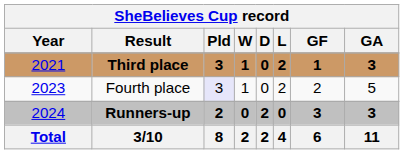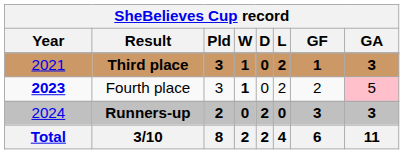 <table class="wikitable"  style="text-align:center; ">
 <tr>
 <th colspan=8> <strong><a href='#'>SheBelieves Cup</a> record</strong></th>
 </tr>
 <tr>
 <th width=85>Year</th>
 <th width=110>Result</th>
 <th>Pld</th>
 <th>W</th>
 <th>D</th>
 <th>L</th>
 <th width=50>GF</th>
 <th width=50>GA</th>
 </tr>
 <tr>
 </tr>
 <tr style="background:#c96;">
 <td><a href='#'>2021</a></td>
 <td><strong>Third place</strong></td>
 <td><strong>3</strong></td>
 <td><strong>1</strong></td>
 <td><strong>0</strong></td>
 <td><strong>2</strong></td>
 <td><strong>1</strong></td>
 <td><strong>3</strong></td>
 </tr>
 <tr>
-<td><a href='#'>2023</a></td>
+<td><strong><a href='#'>2023</a></strong></td>
 <td>Fourth	place</td>
-<td style="background: lavender;">3</td>
-<td>1</td>
+<td>3</td>
+<td><strong>1</strong></td>
 <td>0</td>
 <td>2</td>
 <td>2</td>
-<td>5</td>
+<td style="background: pink;">5</td>
 </tr>
 <tr>
 </tr>
 <tr style="background:silver;">
 <td><a href='#'>2024</a></td>
 <td><strong>Runners-up</strong></td>
 <td><strong>2</strong></td>
 <td><strong>0</strong></td>
 <td><strong>2</strong></td>
 <td><strong>0</strong></td>
 <td><strong>3</strong></td>
 <td><strong>3</strong></td>
 </tr>
 <tr class=sortbottom style="font-weight:bold;">
 <th><a href='#'>Total</a></th>
 <th>3/10</th>
 <th>8</th>
 <th>2</th>
 <th>2</th>
 <th>4</th>
 <th>6</th>
 <th>11</th>
 </tr>
 </table>
